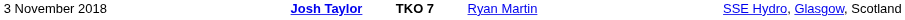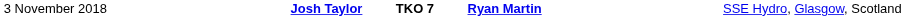 <table cellspacing="1" style="width:100%;">
 <tr>
 <th width="15%"></th>
 <th width="25%"></th>
 <th width="10%"></th>
 <th width="25%"></th>
 </tr>
 <tr style="font-size:100%">
 <td align="right">3 November 2018</td>
 <td align="right"><strong><a href='#'>Josh Taylor</a> </strong></td>
 <td align="center"><strong>TKO 7</strong></td>
-<td> <a href='#'>Ryan Martin</a></td>
+<td><strong> <a href='#'>Ryan Martin</a></strong></td>
 <td><a href='#'>SSE Hydro</a>, <a href='#'>Glasgow</a>, Scotland</td>
 </tr>
 </table>
